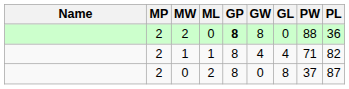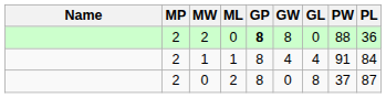 <table class=wikitable style="text-align:center">
 <tr>
 <th width=175>Name</th>
 <th width=20>MP</th>
 <th width=20>MW</th>
 <th width=20>ML</th>
 <th width=20>GP</th>
 <th width=20>GW</th>
 <th width=20>GL</th>
 <th width=20>PW</th>
 <th width=20>PL</th>
 </tr>
 <tr style="background-color:#ccffcc;">
 <td style="text-align:left;"><strong></strong></td>
 <td>2</td>
 <td>2</td>
 <td>0</td>
 <td><strong>8</strong></td>
 <td>8</td>
 <td>0</td>
 <td>88</td>
 <td>36</td>
 </tr>
 <tr>
 <td style="text-align:left;"></td>
 <td>2</td>
 <td>1</td>
 <td>1</td>
 <td>8</td>
 <td>4</td>
 <td>4</td>
-<td>71</td>
-<td>82</td>
+<td>91</td>
+<td>84</td>
 </tr>
 <tr>
 <td style="text-align:left;"></td>
 <td>2</td>
 <td>0</td>
 <td>2</td>
 <td>8</td>
 <td>0</td>
 <td>8</td>
 <td>37</td>
 <td>87</td>
 </tr>
 </table>
